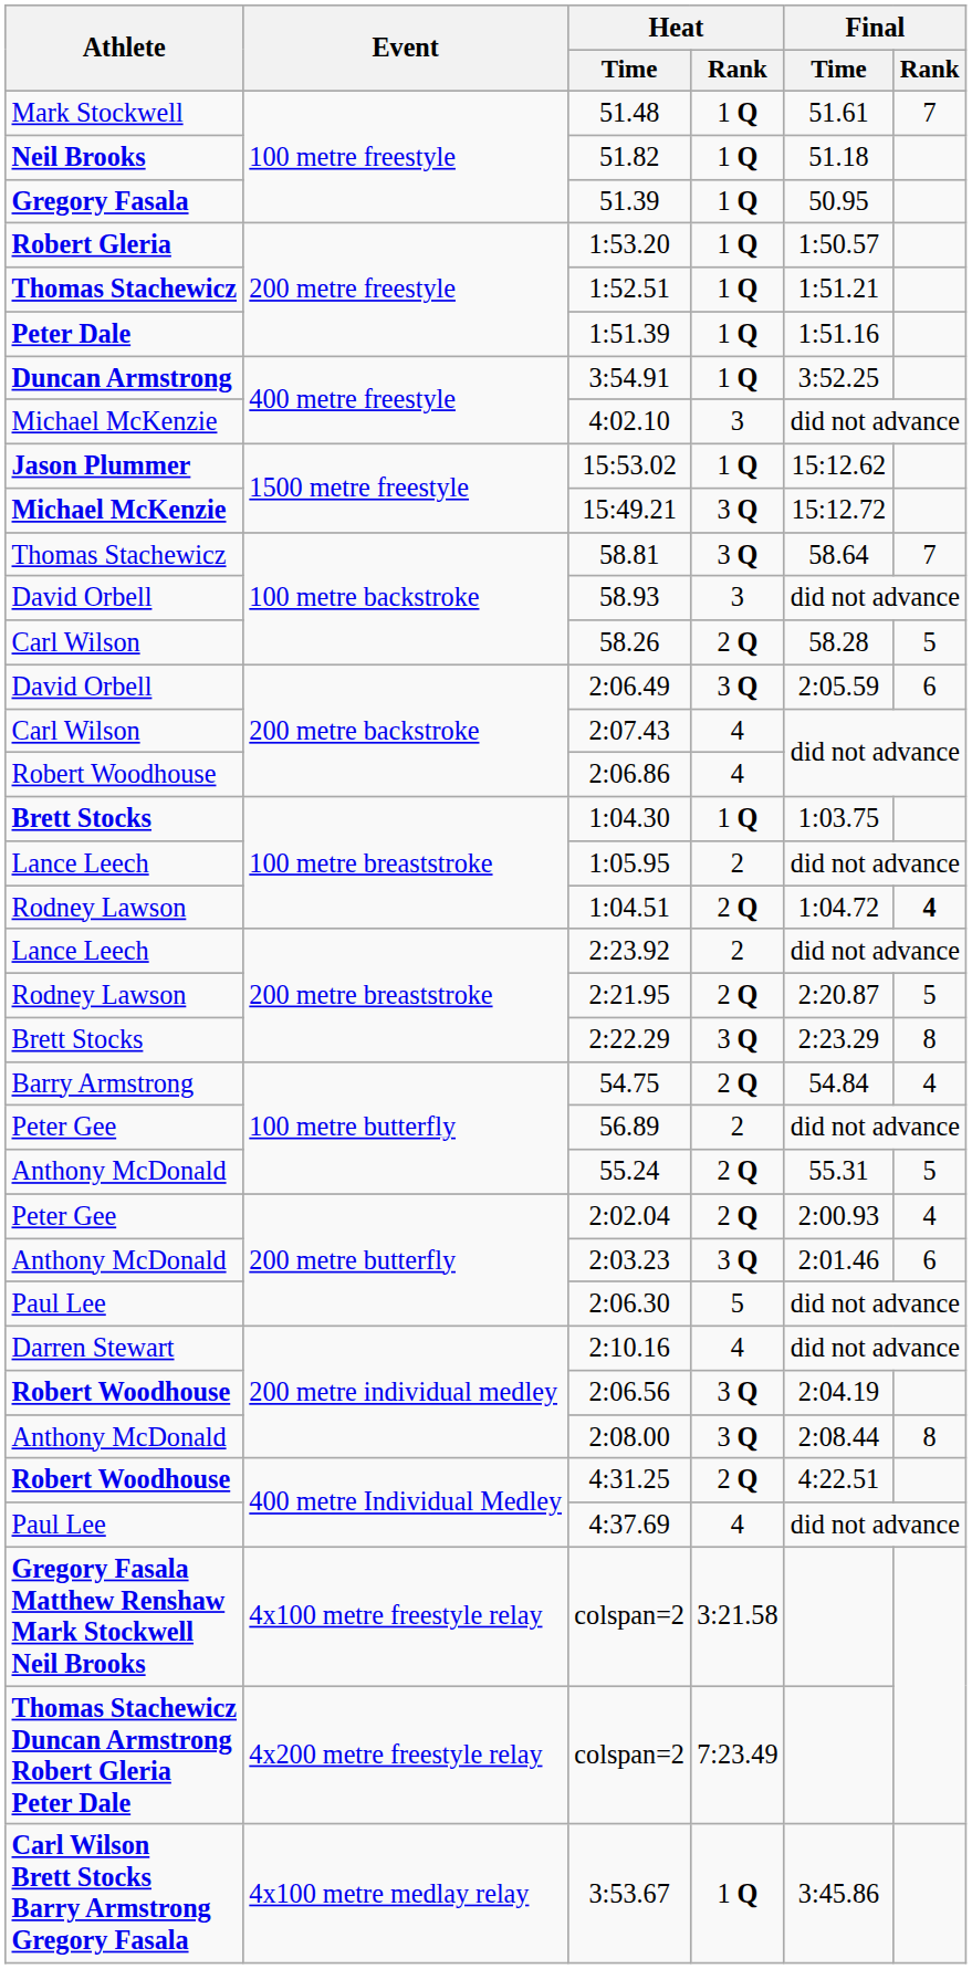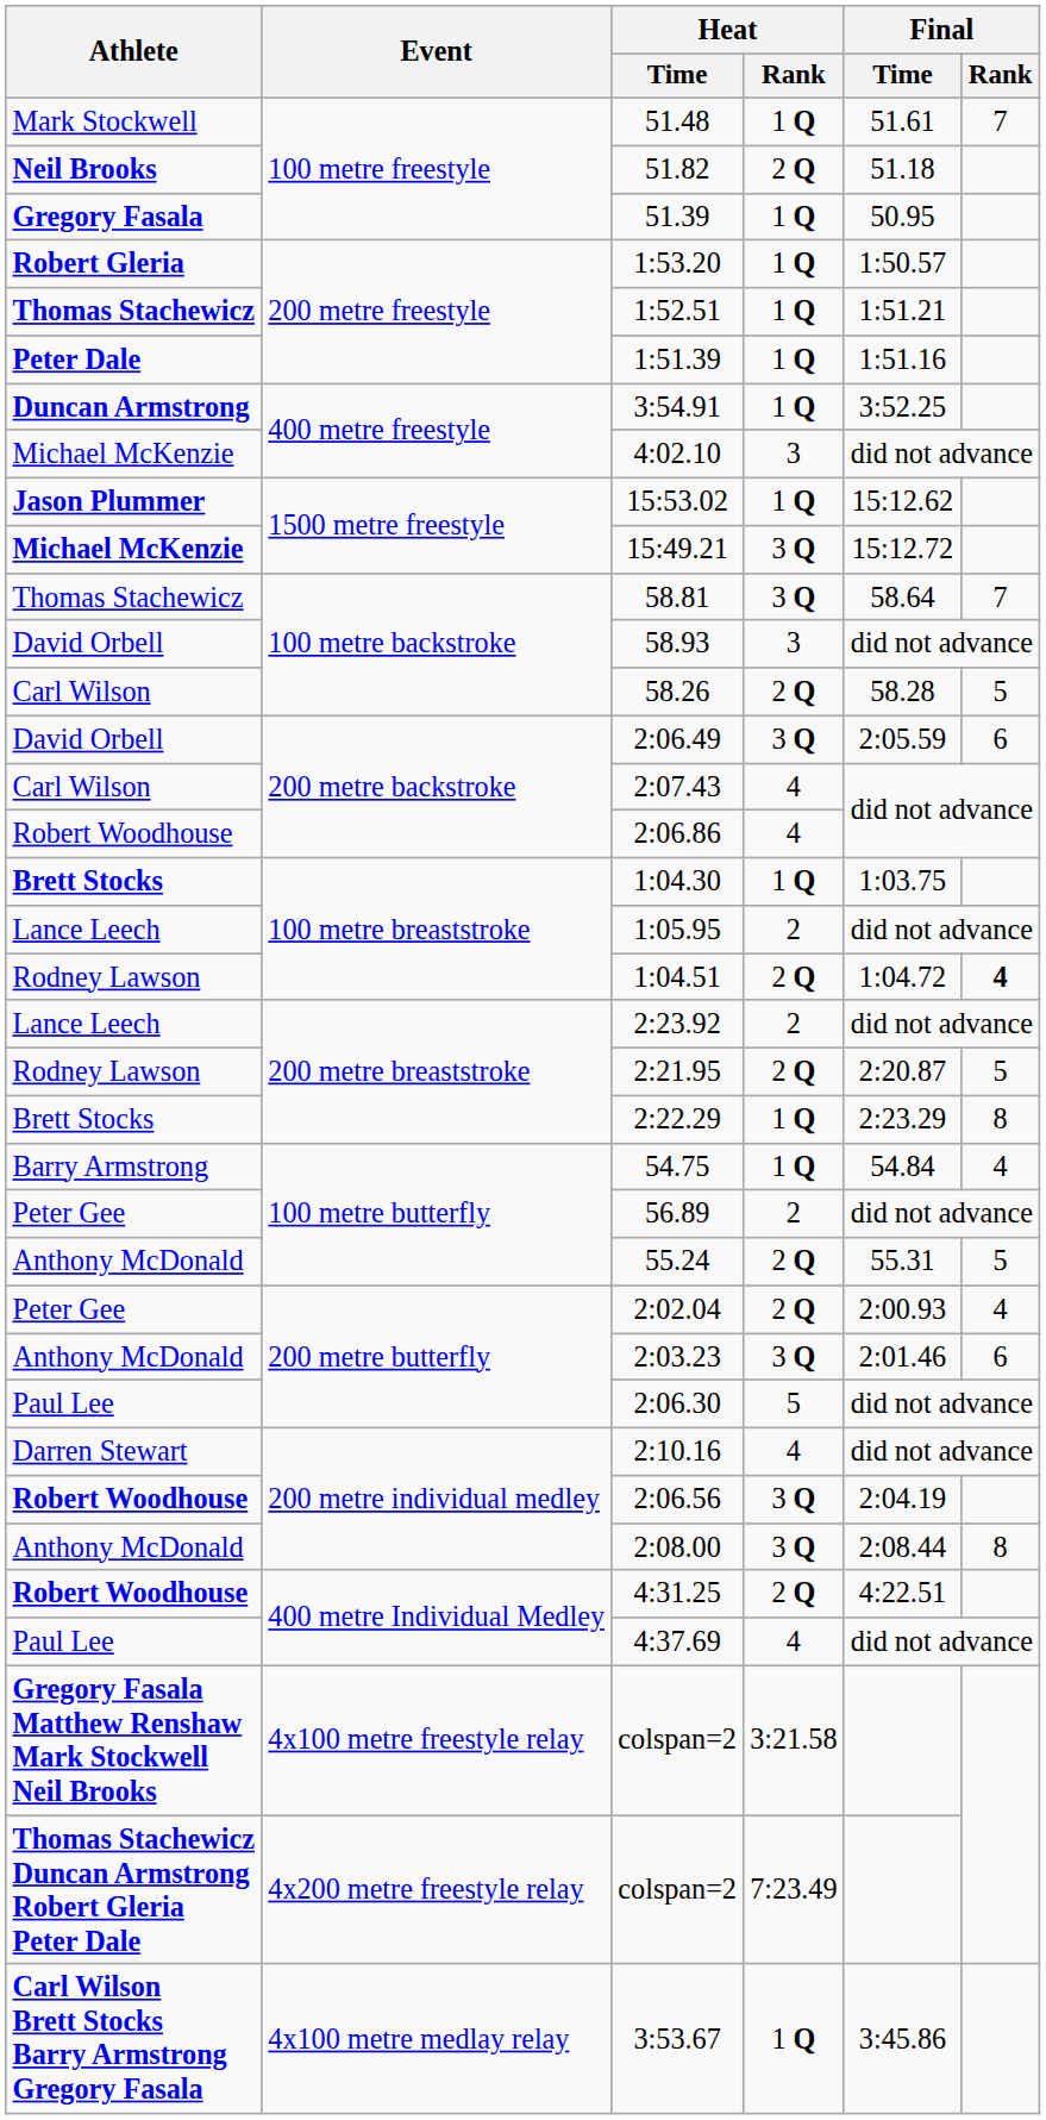 <table class=wikitable style=font-size:90%>
 <tr>
 <th rowspan=2>Athlete</th>
 <th rowspan=2>Event</th>
 <th colspan=2>Heat</th>
 <th colspan=2>Final</th>
 </tr>
 <tr style=font-size:95%>
 <th>Time</th>
 <th>Rank</th>
 <th>Time</th>
 <th>Rank</th>
 </tr>
 <tr align=center>
 <td align=left><a href='#'>Mark Stockwell</a></td>
 <td rowspan=3 align=left><a href='#'>100 metre freestyle</a></td>
 <td>51.48</td>
 <td>1 <strong>Q</strong></td>
 <td>51.61</td>
 <td>7</td>
 </tr>
 <tr align=center>
 <td align=left><strong><a href='#'>Neil Brooks</a></strong></td>
 <td>51.82</td>
-<td>1 <strong>Q</strong></td>
+<td>2 <strong>Q</strong></td>
 <td>51.18</td>
 <td></td>
 </tr>
 <tr align=center>
 <td align=left><strong><a href='#'>Gregory Fasala</a></strong></td>
 <td>51.39</td>
 <td>1 <strong>Q</strong></td>
 <td>50.95</td>
 <td></td>
 </tr>
 <tr align=center>
 <td align=left><strong><a href='#'>Robert Gleria</a></strong></td>
 <td rowspan=3 align=left><a href='#'>200 metre freestyle</a></td>
 <td>1:53.20</td>
 <td>1 <strong>Q</strong></td>
 <td>1:50.57</td>
 <td></td>
 </tr>
 <tr align=center>
 <td align=left><strong><a href='#'>Thomas Stachewicz</a></strong></td>
 <td>1:52.51</td>
 <td>1 <strong>Q</strong></td>
 <td>1:51.21</td>
 <td></td>
 </tr>
 <tr align=center>
 <td align=left><strong><a href='#'>Peter Dale</a></strong></td>
 <td>1:51.39</td>
 <td>1 <strong>Q</strong></td>
 <td>1:51.16</td>
 <td></td>
 </tr>
 <tr align=center>
 <td align=left><strong><a href='#'>Duncan Armstrong</a></strong></td>
 <td align=left rowspan=2><a href='#'>400 metre freestyle</a></td>
 <td>3:54.91</td>
 <td>1 <strong>Q</strong></td>
 <td>3:52.25</td>
 <td></td>
 </tr>
 <tr align=center>
 <td align=left><a href='#'>Michael McKenzie</a></td>
 <td>4:02.10</td>
 <td>3</td>
 <td colspan=2>did not advance</td>
 </tr>
 <tr align=center>
 <td align=left><strong><a href='#'>Jason Plummer</a></strong></td>
 <td rowspan=2 align=left><a href='#'>1500 metre freestyle</a></td>
 <td>15:53.02</td>
 <td>1 <strong>Q</strong></td>
 <td>15:12.62</td>
 <td></td>
 </tr>
 <tr align=center>
 <td align=left><strong><a href='#'>Michael McKenzie</a></strong></td>
 <td>15:49.21</td>
 <td>3 <strong>Q</strong></td>
 <td>15:12.72</td>
 <td></td>
 </tr>
 <tr align=center>
 <td align=left><a href='#'>Thomas Stachewicz</a></td>
 <td rowspan=3 align=left><a href='#'>100 metre backstroke</a></td>
 <td>58.81</td>
 <td>3 <strong>Q</strong></td>
 <td>58.64</td>
 <td>7</td>
 </tr>
 <tr align=center>
 <td align=left><a href='#'>David Orbell</a></td>
 <td>58.93</td>
 <td>3</td>
 <td colspan=2>did not advance</td>
 </tr>
 <tr align=center>
 <td align=left><a href='#'>Carl Wilson</a></td>
 <td>58.26</td>
 <td>2 <strong>Q</strong></td>
 <td>58.28</td>
 <td>5</td>
 </tr>
 <tr align=center>
 <td align=left><a href='#'>David Orbell</a></td>
 <td rowspan=3 align=left><a href='#'>200 metre backstroke</a></td>
 <td>2:06.49</td>
 <td>3 <strong>Q</strong></td>
 <td>2:05.59</td>
 <td>6</td>
 </tr>
 <tr align=center>
 <td align=left><a href='#'>Carl Wilson</a></td>
 <td>2:07.43</td>
 <td>4</td>
 <td colspan=2 rowspan=2>did not advance</td>
 </tr>
 <tr align=center>
 <td align=left><a href='#'>Robert Woodhouse</a></td>
 <td>2:06.86</td>
 <td>4</td>
 </tr>
 <tr align=center>
 <td align=left><strong><a href='#'>Brett Stocks</a></strong></td>
 <td align=left rowspan=3><a href='#'>100 metre breaststroke</a></td>
 <td>1:04.30</td>
 <td>1 <strong>Q</strong></td>
 <td>1:03.75</td>
 <td></td>
 </tr>
 <tr align=center>
 <td align=left><a href='#'>Lance Leech</a></td>
 <td>1:05.95</td>
 <td>2</td>
 <td colspan=2>did not advance</td>
 </tr>
 <tr align=center>
 <td align=left><a href='#'>Rodney Lawson</a></td>
 <td>1:04.51</td>
 <td>2 <strong>Q</strong></td>
 <td>1:04.72</td>
 <td><strong>4</strong></td>
 </tr>
 <tr align=center>
 <td align=left><a href='#'>Lance Leech</a></td>
 <td rowspan=3 align=left><a href='#'>200 metre breaststroke</a></td>
 <td>2:23.92</td>
 <td>2</td>
 <td colspan=2>did not advance</td>
 </tr>
 <tr align=center>
 <td align=left><a href='#'>Rodney Lawson</a></td>
 <td>2:21.95</td>
 <td>2 <strong>Q</strong></td>
 <td>2:20.87</td>
 <td>5</td>
 </tr>
 <tr align=center>
 <td align=left><a href='#'>Brett Stocks</a></td>
 <td>2:22.29</td>
-<td>3 <strong>Q</strong></td>
+<td>1 <strong>Q</strong></td>
 <td>2:23.29</td>
 <td>8</td>
 </tr>
 <tr align=center>
 <td align=left><a href='#'>Barry Armstrong</a></td>
 <td align=left rowspan=3><a href='#'>100 metre butterfly</a></td>
 <td>54.75</td>
-<td>2 <strong>Q</strong></td>
+<td>1 <strong>Q</strong></td>
 <td>54.84</td>
 <td>4</td>
 </tr>
 <tr align=center>
 <td align=left><a href='#'>Peter Gee</a></td>
 <td>56.89</td>
 <td>2</td>
 <td colspan=2>did not advance</td>
 </tr>
 <tr align=center>
 <td align=left><a href='#'>Anthony McDonald</a></td>
 <td>55.24</td>
 <td>2 <strong>Q</strong></td>
 <td>55.31</td>
 <td>5</td>
 </tr>
 <tr align=center>
 <td align=left><a href='#'>Peter Gee</a></td>
 <td rowspan=3 align=left><a href='#'>200 metre butterfly</a></td>
 <td>2:02.04</td>
 <td>2 <strong>Q</strong></td>
 <td>2:00.93</td>
 <td>4</td>
 </tr>
 <tr align=center>
 <td align=left><a href='#'>Anthony McDonald</a></td>
 <td>2:03.23</td>
 <td>3 <strong>Q</strong></td>
 <td>2:01.46</td>
 <td>6</td>
 </tr>
 <tr align=center>
 <td align=left><a href='#'>Paul Lee</a></td>
 <td>2:06.30</td>
 <td>5</td>
 <td colspan=2>did not advance</td>
 </tr>
 <tr align=center>
 <td align=left><a href='#'>Darren Stewart</a></td>
 <td rowspan=3 align=left><a href='#'>200 metre individual medley</a></td>
 <td>2:10.16</td>
 <td>4</td>
 <td colspan=2>did not advance</td>
 </tr>
 <tr align=center>
 <td align=left><strong><a href='#'>Robert Woodhouse</a></strong></td>
 <td>2:06.56</td>
 <td>3 <strong>Q</strong></td>
 <td>2:04.19</td>
 <td></td>
 </tr>
 <tr align=center>
 <td align=left><a href='#'>Anthony McDonald</a></td>
 <td>2:08.00</td>
 <td>3 <strong>Q</strong></td>
 <td>2:08.44</td>
 <td>8</td>
 </tr>
 <tr align=center>
 <td align=left><strong><a href='#'>Robert Woodhouse</a></strong></td>
 <td align=left rowspan=2><a href='#'>400 metre Individual Medley</a></td>
 <td>4:31.25</td>
 <td>2 <strong>Q</strong></td>
 <td>4:22.51</td>
 <td></td>
 </tr>
 <tr align=center>
 <td align=left><a href='#'>Paul Lee</a></td>
 <td>4:37.69</td>
 <td>4</td>
 <td colspan=2>did not advance</td>
 </tr>
 <tr align=center>
 <td align=left><strong><a href='#'>Gregory Fasala</a></strong><br><strong><a href='#'>Matthew Renshaw</a></strong><br><strong><a href='#'>Mark Stockwell</a></strong><br><strong><a href='#'>Neil Brooks</a></strong></td>
 <td align=left><a href='#'>4x100 metre freestyle relay</a></td>
 <td>colspan=2 </td>
 <td>3:21.58</td>
 <td></td>
 </tr>
 <tr align=center>
 <td align=left><strong><a href='#'>Thomas Stachewicz</a></strong><br><strong><a href='#'>Duncan Armstrong</a></strong><br><strong><a href='#'>Robert Gleria</a></strong><br><strong><a href='#'>Peter Dale</a></strong></td>
 <td align=left><a href='#'>4x200 metre freestyle relay</a></td>
 <td>colspan=2 </td>
 <td>7:23.49</td>
 <td></td>
 </tr>
 <tr align=center>
 <td align=left><strong><a href='#'>Carl Wilson</a></strong><br><strong><a href='#'>Brett Stocks</a></strong><br><strong><a href='#'>Barry Armstrong</a></strong><br><strong><a href='#'>Gregory Fasala</a></strong></td>
 <td align=left><a href='#'>4x100 metre medlay relay</a></td>
 <td>3:53.67</td>
 <td>1 <strong>Q</strong></td>
 <td>3:45.86</td>
 <td></td>
 </tr>
 </table>
